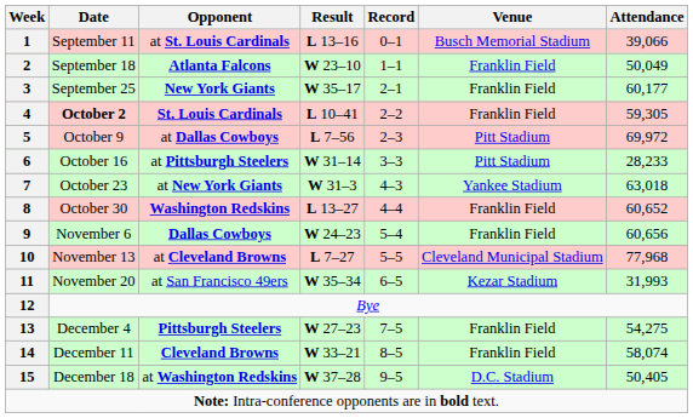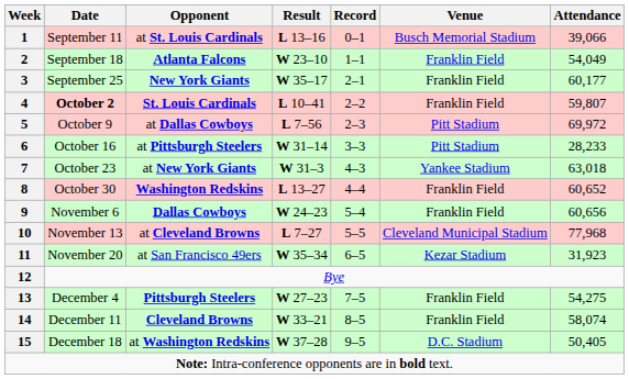 <table class="wikitable" style="text-align:center">
 <tr>
 <th>Week</th>
 <th>Date</th>
 <th>Opponent</th>
 <th>Result</th>
 <th>Record</th>
 <th>Venue</th>
 <th>Attendance</th>
 </tr>
 <tr style="background:#fcc">
 <th>1</th>
 <td>September 11</td>
 <td>at <strong><a href='#'>St. Louis Cardinals</a></strong></td>
 <td><strong>L</strong> 13–16</td>
 <td>0–1</td>
 <td><a href='#'>Busch Memorial Stadium</a></td>
 <td>39,066</td>
 </tr>
 <tr style="background:#cfc">
 <th>2</th>
 <td>September 18</td>
 <td><strong><a href='#'>Atlanta Falcons</a></strong></td>
 <td><strong>W</strong> 23–10</td>
 <td>1–1</td>
 <td><a href='#'>Franklin Field</a></td>
-<td>50,049</td>
+<td>54,049</td>
 </tr>
 <tr style="background:#cfc">
 <th>3</th>
 <td>September 25</td>
 <td><strong><a href='#'>New York Giants</a></strong></td>
 <td><strong>W</strong> 35–17</td>
 <td>2–1</td>
 <td>Franklin Field</td>
 <td>60,177</td>
 </tr>
 <tr style="background: #fcc">
 <th>4</th>
 <td><strong>October 2</strong></td>
 <td><strong><a href='#'>St. Louis Cardinals</a></strong></td>
 <td><strong>L</strong> 10–41</td>
 <td>2–2</td>
 <td>Franklin Field</td>
-<td>59,305</td>
+<td>59,807</td>
 </tr>
 <tr style="background:#fcc">
 <th>5</th>
 <td>October 9</td>
 <td>at <strong><a href='#'>Dallas Cowboys</a></strong></td>
 <td><strong>L</strong> 7–56</td>
 <td>2–3</td>
 <td><a href='#'>Pitt Stadium</a></td>
 <td>69,972</td>
 </tr>
 <tr style="background: #cfc">
 <th>6</th>
 <td>October 16</td>
 <td>at <strong><a href='#'>Pittsburgh Steelers</a></strong></td>
 <td><strong>W</strong> 31–14</td>
 <td>3–3</td>
 <td><a href='#'>Pitt Stadium</a></td>
 <td>28,233</td>
 </tr>
 <tr style="background:#cfc">
 <th>7</th>
 <td>October 23</td>
 <td>at <strong><a href='#'>New York Giants</a></strong></td>
 <td><strong>W</strong> 31–3</td>
 <td>4–3</td>
 <td><a href='#'>Yankee Stadium</a></td>
 <td>63,018</td>
 </tr>
 <tr style="background:#fcc">
 <th>8</th>
 <td>October 30</td>
 <td><strong><a href='#'>Washington Redskins</a></strong></td>
 <td><strong>L</strong> 13–27</td>
 <td>4–4</td>
 <td>Franklin Field</td>
 <td>60,652</td>
 </tr>
 <tr style="background:#cfc">
 <th>9</th>
 <td>November 6</td>
 <td><strong><a href='#'>Dallas Cowboys</a></strong></td>
 <td><strong>W</strong> 24–23</td>
 <td>5–4</td>
 <td>Franklin Field</td>
 <td>60,656</td>
 </tr>
 <tr style="background:#fcc">
 <th>10</th>
 <td>November 13</td>
 <td>at <strong><a href='#'>Cleveland Browns</a></strong></td>
 <td><strong>L</strong> 7–27</td>
 <td>5–5</td>
 <td><a href='#'>Cleveland Municipal Stadium</a></td>
 <td>77,968</td>
 </tr>
 <tr style="background:#cfc">
 <th>11</th>
 <td>November 20</td>
 <td>at <a href='#'>San Francisco 49ers</a></td>
 <td><strong>W</strong> 35–34</td>
 <td>6–5</td>
 <td><a href='#'>Kezar Stadium</a></td>
-<td>31,993</td>
+<td>31,923</td>
 </tr>
 <tr>
 <th>12</th>
 <td colspan="6"><em><a href='#'>Bye</a></em></td>
 </tr>
 <tr style="background:#cfc">
 <th>13</th>
 <td>December 4</td>
 <td><strong><a href='#'>Pittsburgh Steelers</a></strong></td>
 <td><strong>W</strong> 27–23</td>
 <td>7–5</td>
 <td>Franklin Field</td>
 <td>54,275</td>
 </tr>
 <tr style="background:#cfc">
 <th>14</th>
 <td>December 11</td>
 <td><strong><a href='#'>Cleveland Browns</a></strong></td>
 <td><strong>W</strong> 33–21</td>
 <td>8–5</td>
 <td>Franklin Field</td>
 <td>58,074</td>
 </tr>
 <tr style="background:#cfc">
 <th>15</th>
 <td>December 18</td>
 <td>at <strong><a href='#'>Washington Redskins</a></strong></td>
 <td><strong>W</strong> 37–28</td>
 <td>9–5</td>
 <td><a href='#'>D.C. Stadium</a></td>
 <td>50,405</td>
 </tr>
 <tr>
 <td colspan="8"><strong>Note:</strong> Intra-conference opponents are in <strong>bold</strong> text.</td>
 </tr>
 </table>
